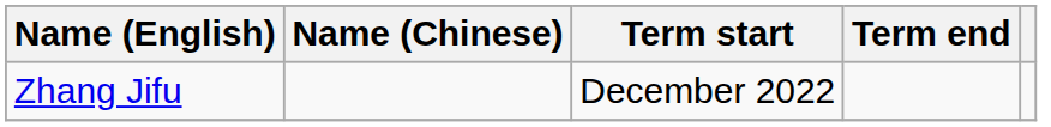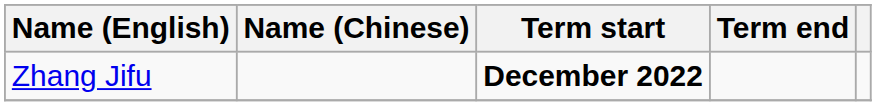 <table class="wikitable">
 <tr>
 <th>Name (English)</th>
 <th>Name (Chinese)</th>
 <th>Term start</th>
 <th>Term end</th>
 <th></th>
 </tr>
 <tr>
 <td><a href='#'>Zhang Jifu</a></td>
 <td></td>
-<td>December 2022</td>
+<td><strong>December 2022</strong></td>
 <td></td>
 <td></td>
 </tr>
 <tr>
 </tr>
 </table>
